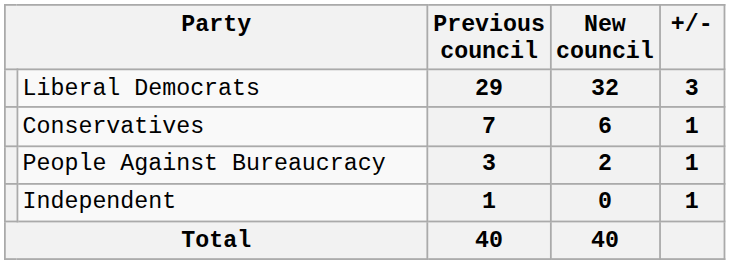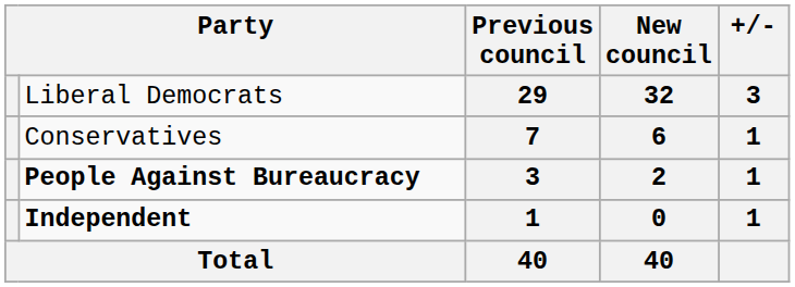 <table class="wikitable">
 <tr>
 <th valign=top colspan="2" style="width: 230px">Party</th>
 <th valign=top style="width: 30px">Previous council</th>
 <th valign=top style="width: 30px">New council</th>
 <th valign=top style="width: 30px">+/-</th>
 </tr>
 <tr>
 <th style="background-color: "></th>
 <td>Liberal Democrats</td>
 <th align=center>29</th>
 <th align=center>32</th>
 <th align=center> 3</th>
 </tr>
 <tr>
 <th style="background-color: "></th>
 <td>Conservatives</td>
 <th align=center>7</th>
 <th align=center>6</th>
 <th align=center> 1</th>
 </tr>
 <tr>
 <th style="background-color: "></th>
-<td>People Against Bureaucracy</td>
+<td><strong>People Against Bureaucracy</strong></td>
 <th align=center>3</th>
 <th align=center>2</th>
 <th align=center> 1</th>
 </tr>
 <tr>
 <th style="background-color: "></th>
-<td>Independent</td>
+<td><strong>Independent</strong></td>
 <th align=center>1</th>
 <th align=center>0</th>
 <th align=center> 1</th>
 </tr>
 <tr>
 <th colspan=2>Total</th>
 <th style="text-align: center">40</th>
 <th style="text-align: center">40</th>
 <th></th>
 </tr>
 </table>
